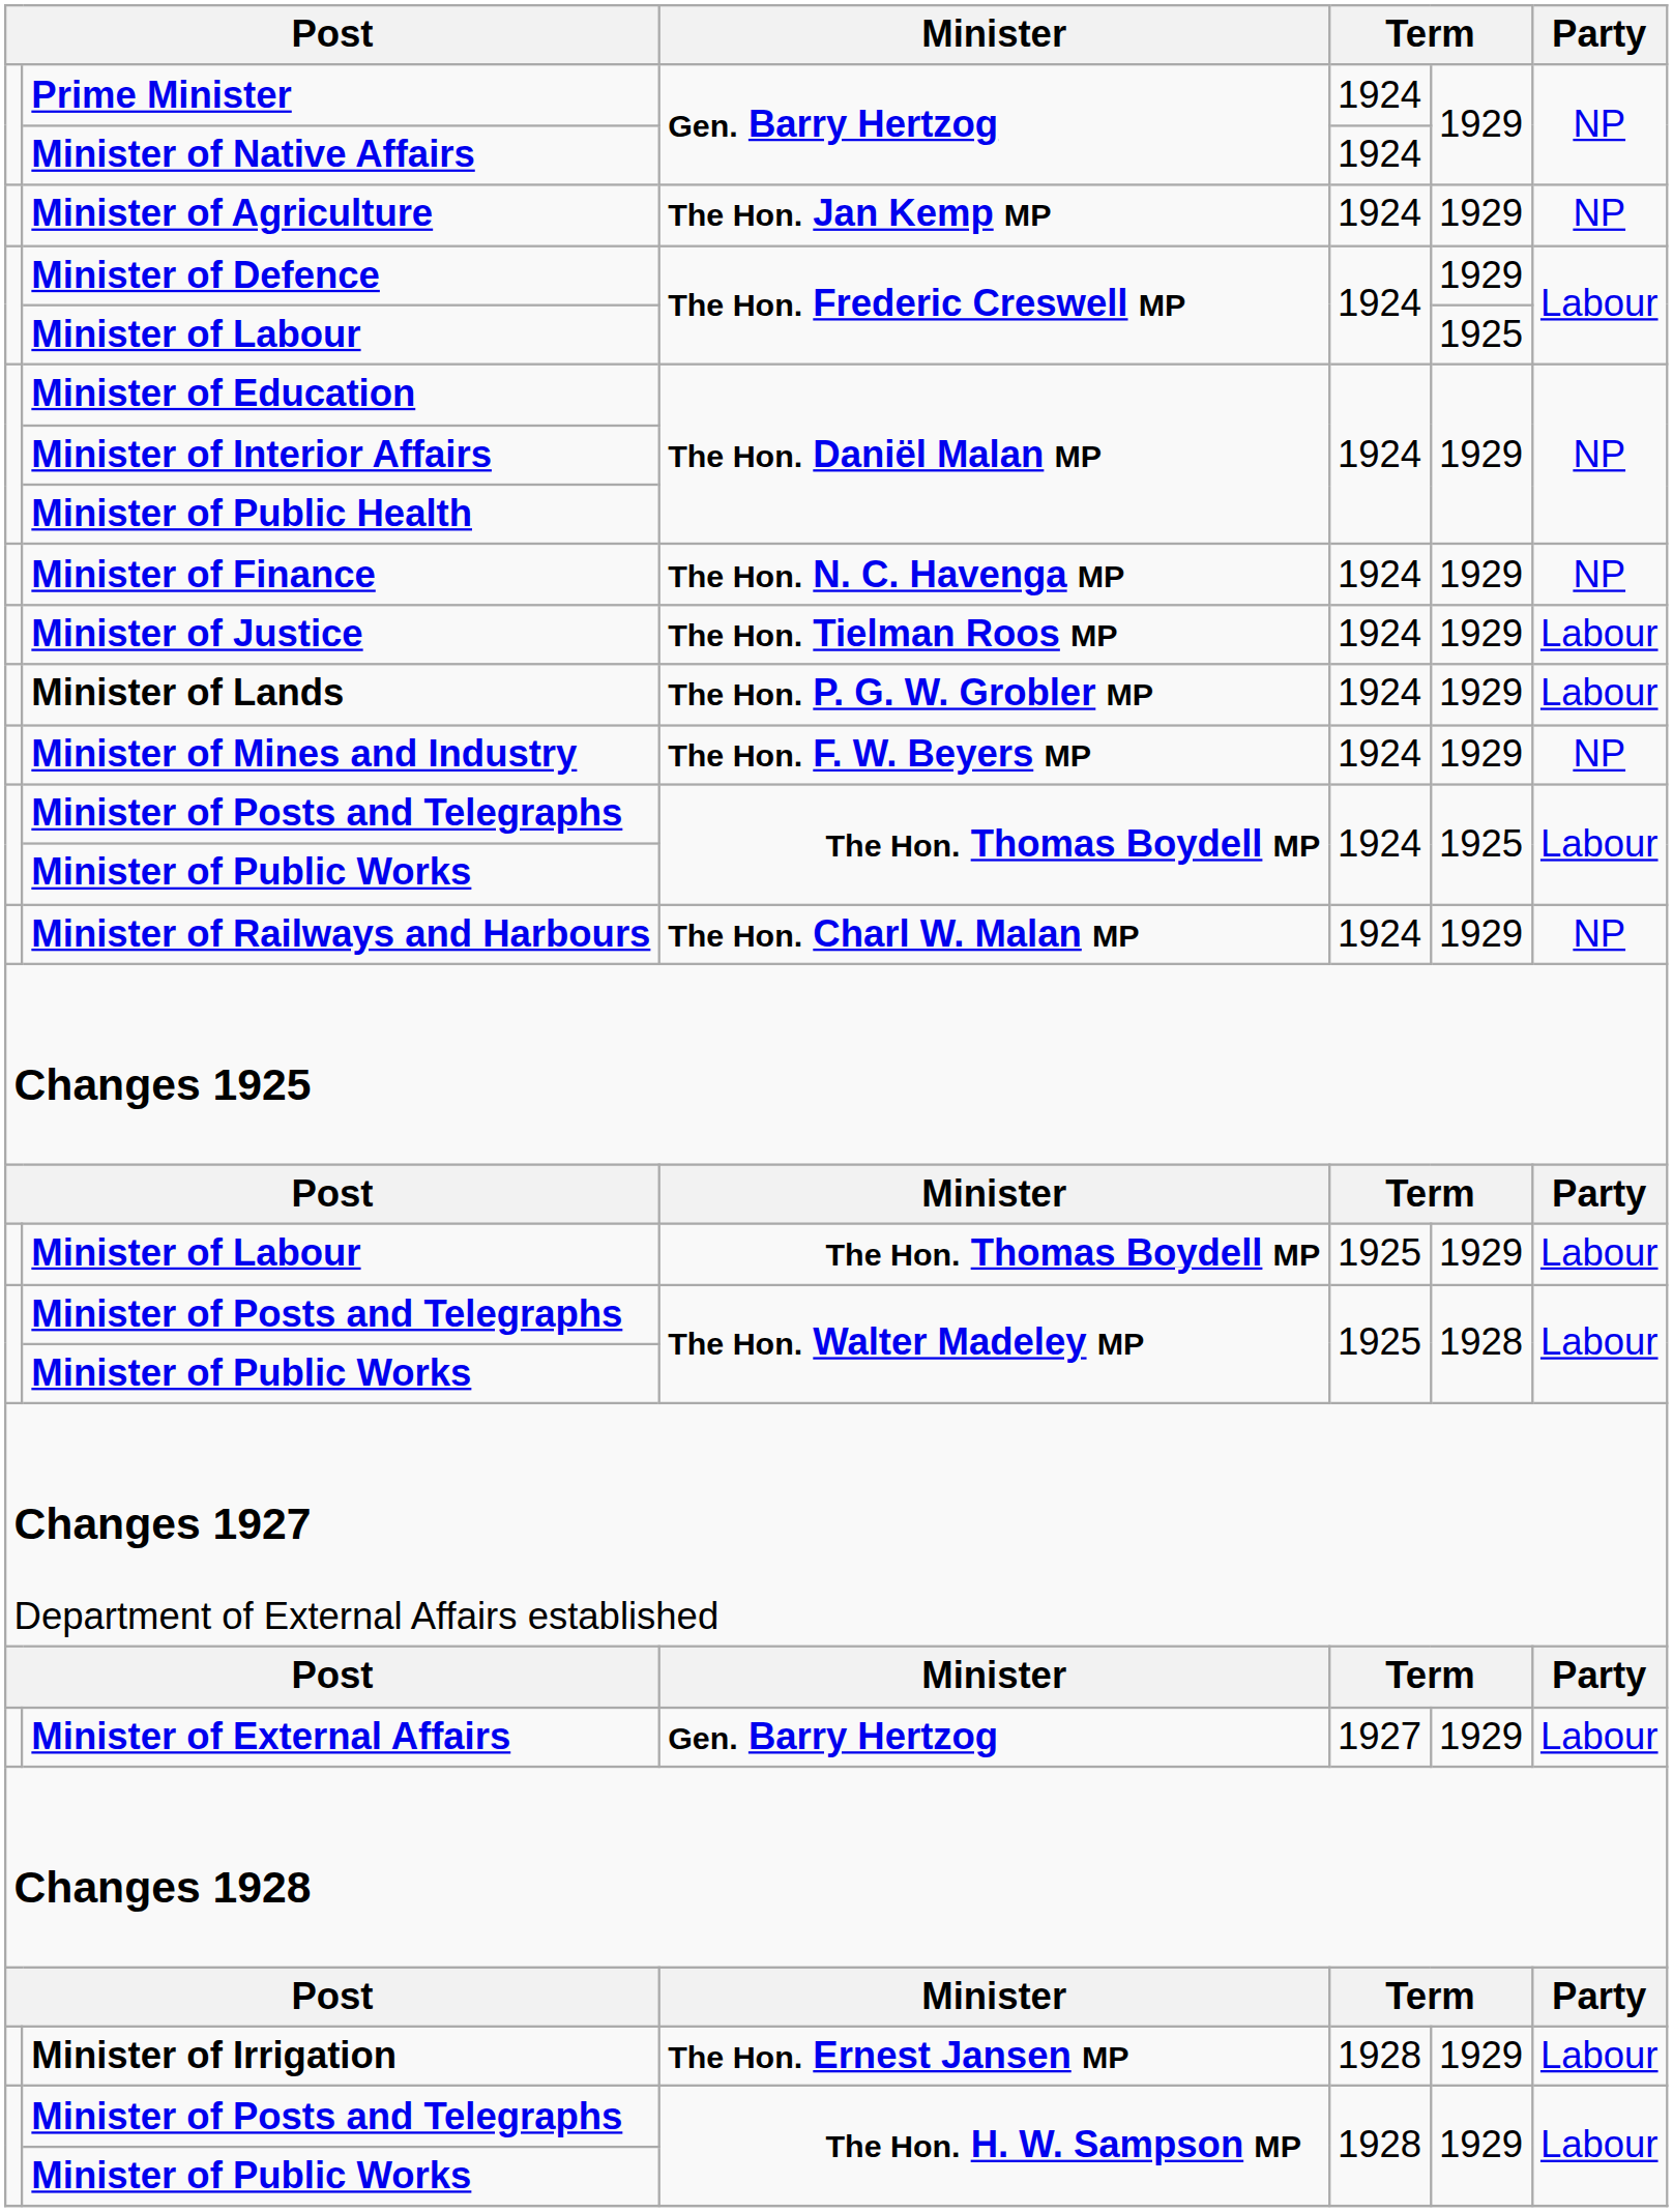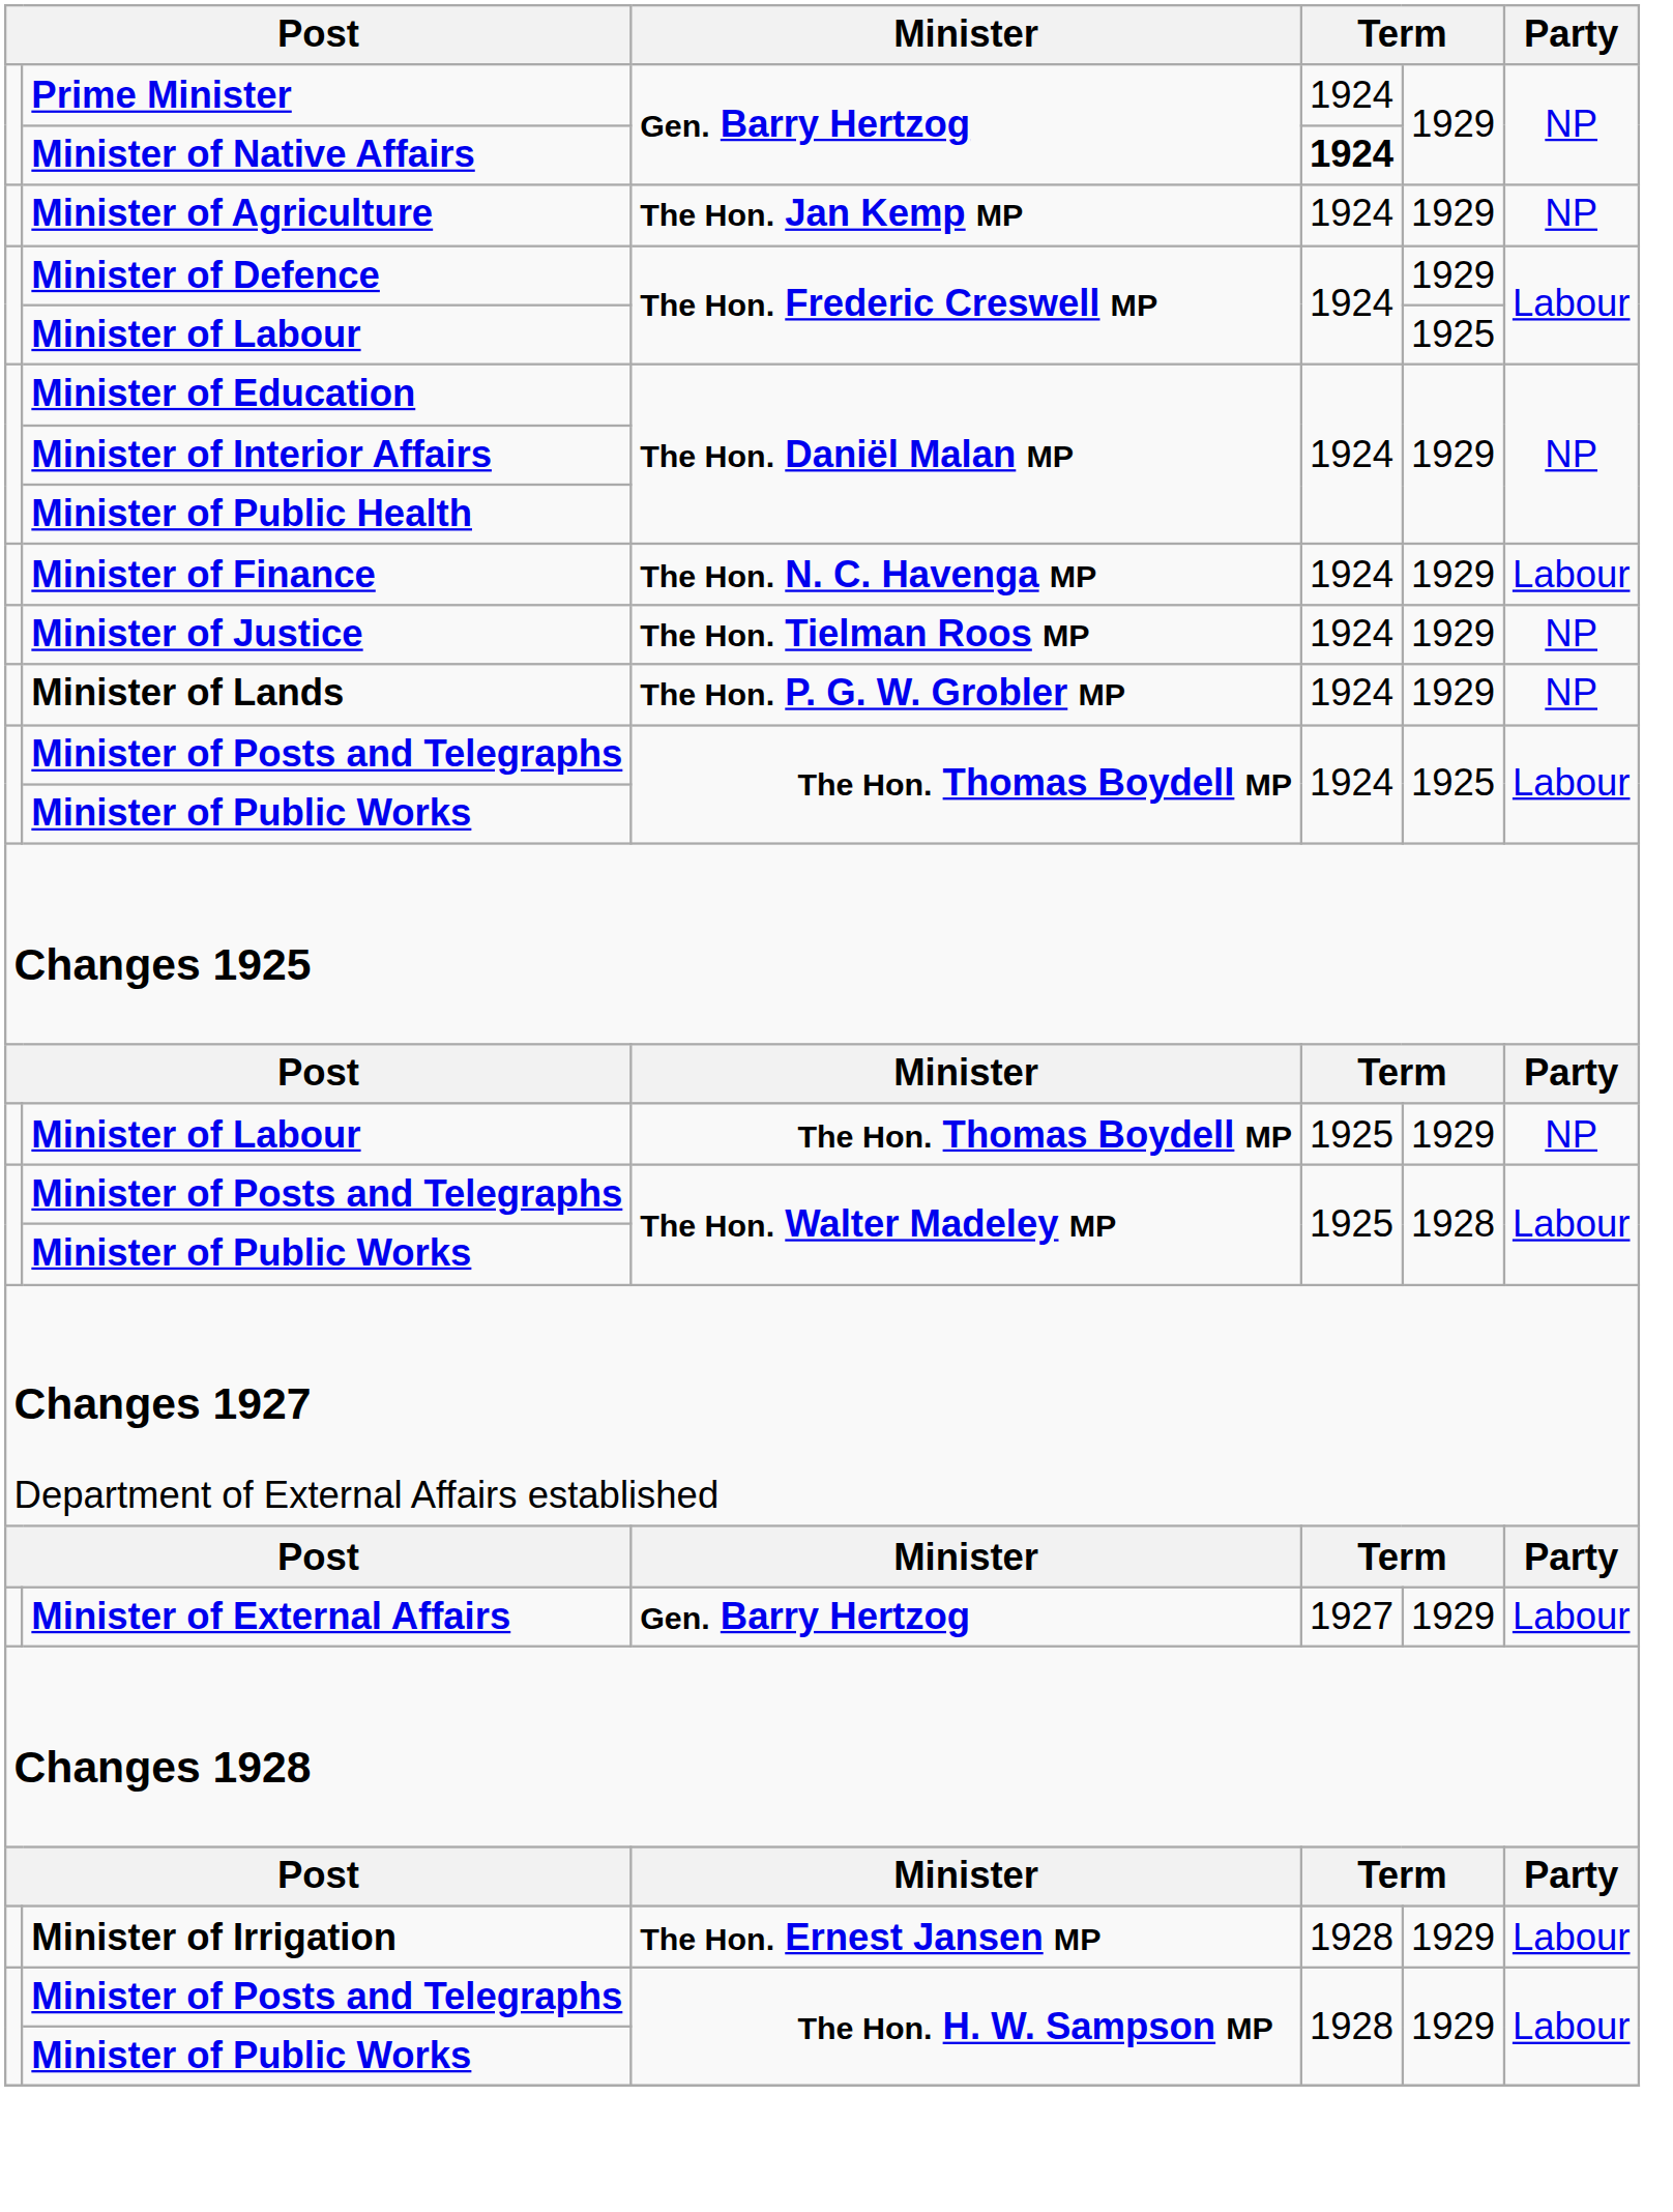 <table class="wikitable">
 <tr>
 <th colspan=2>Post</th>
 <th>Minister</th>
 <th colspan=2>Term</th>
 <th>Party</th>
 </tr>
 <tr>
 <td rowspan=2 style="background-color: "></td>
 <td><strong><a href='#'>Prime Minister</a></strong></td>
 <td rowspan=2> <strong><small>Gen.</small> <a href='#'>Barry Hertzog</a></strong></td>
 <td>1924</td>
 <td rowspan=2>1929</td>
 <td rowspan=2 align=center><a href='#'>NP</a></td>
 </tr>
 <tr>
 <td><strong><a href='#'>Minister of Native Affairs</a></strong></td>
-<td>1924</td>
+<td><strong>1924</strong></td>
 </tr>
 <tr>
 <td style="background-color: "></td>
 <td><strong><a href='#'>Minister of Agriculture</a></strong></td>
 <td> <strong><small>The Hon.</small> <a href='#'>Jan Kemp</a> <small>MP</small></strong></td>
 <td>1924</td>
 <td>1929</td>
 <td align=center><a href='#'>NP</a></td>
 </tr>
 <tr>
 <td rowspan=2 style="background-color: "></td>
 <td><strong><a href='#'>Minister of Defence</a></strong></td>
 <td rowspan=2> <strong><small>The Hon.</small> <a href='#'>Frederic Creswell</a> <small>MP</small></strong></td>
 <td rowspan=2>1924</td>
 <td>1929</td>
 <td rowspan=2 align=center><a href='#'>Labour</a></td>
 </tr>
 <tr>
 <td><strong><a href='#'>Minister of Labour</a></strong></td>
 <td>1925</td>
 </tr>
 <tr>
 <td rowspan=3 style="background-color: "></td>
 <td><strong><a href='#'>Minister of Education</a></strong></td>
 <td rowspan=3> <strong><small>The Hon.</small> <a href='#'>Daniël Malan</a> <small>MP</small></strong></td>
 <td rowspan=3>1924</td>
 <td rowspan=3>1929</td>
 <td rowspan=3 align=center><a href='#'>NP</a></td>
 </tr>
 <tr>
 <td><strong><a href='#'>Minister of Interior Affairs</a></strong></td>
 </tr>
 <tr>
 <td><strong><a href='#'>Minister of Public Health</a></strong></td>
 </tr>
 <tr>
 <td style="background-color: "></td>
 <td><strong><a href='#'>Minister of Finance</a></strong></td>
 <td> <strong><small>The Hon.</small> <a href='#'>N. C. Havenga</a> <small>MP</small></strong></td>
 <td>1924</td>
 <td>1929</td>
-<td align=center><a href='#'>NP</a></td>
+<td align=center><a href='#'>Labour</a></td>
 </tr>
 <tr>
 <td style="background-color: "></td>
 <td><strong><a href='#'>Minister of Justice</a></strong></td>
 <td> <strong><small>The Hon.</small> <a href='#'>Tielman Roos</a> <small>MP</small></strong></td>
 <td>1924</td>
 <td>1929</td>
-<td align=center><a href='#'>Labour</a></td>
+<td align=center><a href='#'>NP</a></td>
 </tr>
 <tr>
 <td style="background-color: "></td>
 <td><strong>Minister of Lands</strong></td>
 <td> <strong><small>The Hon.</small> <a href='#'>P. G. W. Grobler</a> <small>MP</small></strong></td>
-<td>1924</td>
-<td>1929</td>
-<td align=center><a href='#'>Labour</a></td>
-</tr>
-<tr>
-<td style="background-color: "></td>
-<td><strong><a href='#'>Minister of Mines and Industry</a></strong></td>
-<td> <strong><small>The Hon.</small> <a href='#'>F. W. Beyers</a> <small>MP</small></strong></td>
 <td>1924</td>
 <td>1929</td>
 <td align=center><a href='#'>NP</a></td>
 </tr>
 <tr>
 <td rowspan=2 style="background-color: "></td>
 <td><strong><a href='#'>Minister of Posts and Telegraphs</a></strong></td>
 <td rowspan=2 style="padding-left:70px"><strong><small>The Hon.</small> <a href='#'>Thomas Boydell</a> <small>MP</small></strong></td>
 <td rowspan=2>1924</td>
 <td rowspan=2>1925</td>
 <td rowspan=2 align=center><a href='#'>Labour</a></td>
 </tr>
 <tr>
 <td><strong><a href='#'>Minister of Public Works</a></strong></td>
 </tr>
 <tr>
-<td style="background-color: "></td>
-<td><strong><a href='#'>Minister of Railways and Harbours</a></strong></td>
-<td> <strong><small>The Hon.</small> <a href='#'>Charl W. Malan</a> <small>MP</small></strong></td>
-<td>1924</td>
-<td>1929</td>
-<td align=center><a href='#'>NP</a></td>
-</tr>
-<tr>
 <td colspan=6><br><h3>Changes 1925</h3></td>
 </tr>
 <tr>
 <th colspan=2>Post</th>
 <th>Minister</th>
 <th colspan=2>Term</th>
 <th>Party</th>
 </tr>
 <tr>
 <td style="background-color: "></td>
 <td><strong><a href='#'>Minister of Labour</a></strong></td>
 <td style="padding-left:70px"><strong><small>The Hon.</small> <a href='#'>Thomas Boydell</a> <small>MP</small></strong></td>
 <td>1925</td>
 <td>1929</td>
-<td align=center><a href='#'>Labour</a></td>
+<td align=center><a href='#'>NP</a></td>
 </tr>
 <tr>
 <td rowspan=2 style="background-color: "></td>
 <td><strong><a href='#'>Minister of Posts and Telegraphs</a></strong></td>
 <td rowspan=2> <strong><small>The Hon.</small> <a href='#'>Walter Madeley</a> <small>MP</small></strong></td>
 <td rowspan=2>1925</td>
 <td rowspan=2>1928</td>
 <td rowspan=2 align=center><a href='#'>Labour</a></td>
 </tr>
 <tr>
 <td><strong><a href='#'>Minister of Public Works</a></strong></td>
 </tr>
 <tr>
 <td colspan=6><br><h3>Changes 1927</h3>Department of External Affairs established</td>
 </tr>
 <tr>
 <th colspan=2>Post</th>
 <th>Minister</th>
 <th colspan=2>Term</th>
 <th>Party</th>
 </tr>
 <tr>
 <td style="background-color: "></td>
 <td><strong><a href='#'>Minister of External Affairs</a></strong></td>
 <td> <strong><small>Gen.</small> <a href='#'>Barry Hertzog</a></strong></td>
 <td>1927</td>
 <td>1929</td>
 <td align=center><a href='#'>Labour</a></td>
 </tr>
 <tr>
 <td colspan=6><br><h3>Changes 1928</h3></td>
 </tr>
 <tr>
 <th colspan=2>Post</th>
 <th>Minister</th>
 <th colspan=2>Term</th>
 <th>Party</th>
 </tr>
 <tr>
 <td style="background-color: "></td>
 <td><strong>Minister of Irrigation</strong></td>
 <td> <strong><small>The Hon.</small> <a href='#'>Ernest Jansen</a> <small>MP</small></strong></td>
 <td>1928</td>
 <td>1929</td>
 <td align=center><a href='#'>Labour</a></td>
 </tr>
 <tr>
 <td rowspan=2 style="background-color: "></td>
 <td><strong><a href='#'>Minister of Posts and Telegraphs</a></strong></td>
 <td rowspan=2 style="padding-left:70px"><strong><small>The Hon.</small> <a href='#'>H. W. Sampson</a> <small>MP</small></strong></td>
 <td rowspan=2>1928</td>
 <td rowspan=2>1929</td>
 <td rowspan=2 align=center><a href='#'>Labour</a></td>
 </tr>
 <tr>
 <td><strong><a href='#'>Minister of Public Works</a></strong></td>
 </tr>
 <tr>
 </tr>
 </table>
